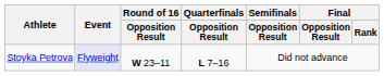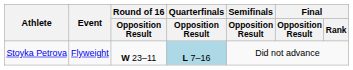 <table class="wikitable" style="font-size:90%">
 <tr>
 <th rowspan="2">Athlete</th>
 <th rowspan="2">Event</th>
 <th>Round of 16</th>
 <th>Quarterfinals</th>
 <th>Semifinals</th>
 <th colspan=2>Final</th>
 </tr>
 <tr style="font-size:95%">
 <th>Opposition<br>Result</th>
 <th>Opposition<br>Result</th>
 <th>Opposition<br>Result</th>
 <th>Opposition<br>Result</th>
 <th>Rank</th>
 </tr>
 <tr align=center>
 <td align=left><a href='#'>Stoyka Petrova</a></td>
-<td align=left style="background: lavender;"><a href='#'>Flyweight</a></td>
+<td align=left><a href='#'>Flyweight</a></td>
 <td><br><strong>W</strong> 23–11</td>
-<td><br><strong>L</strong> 7–16</td>
+<td style="background: lightblue;"><br><strong>L</strong> 7–16</td>
 <td colspan=3>Did not advance</td>
 </tr>
 </table>
